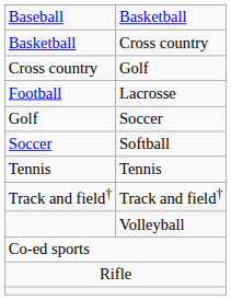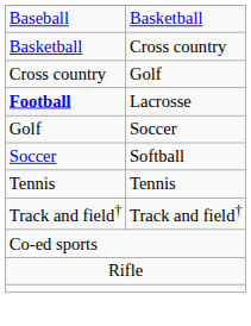 <table class="wikitable">
 <tr>
 </tr>
 <tr>
 <td><a href='#'>Baseball</a></td>
 <td><a href='#'>Basketball</a></td>
 </tr>
 <tr>
 <td><a href='#'>Basketball</a></td>
 <td>Cross country</td>
 </tr>
 <tr>
 <td>Cross country</td>
 <td>Golf</td>
 </tr>
 <tr>
-<td><a href='#'>Football</a></td>
+<td><strong><a href='#'>Football</a></strong></td>
 <td>Lacrosse</td>
 </tr>
 <tr>
 <td>Golf</td>
 <td>Soccer</td>
 </tr>
 <tr>
 <td><a href='#'>Soccer</a></td>
 <td>Softball</td>
 </tr>
 <tr>
 <td>Tennis</td>
 <td>Tennis</td>
 </tr>
 <tr>
 <td>Track and field<sup>†</sup></td>
 <td>Track and field<sup>†</sup></td>
 </tr>
 <tr>
-<td></td>
-<td>Volleyball</td>
-</tr>
-<tr>
 <td colspan="2">Co-ed sports</td>
 </tr>
 <tr>
 <td colspan="2" style="text-align:center">Rifle</td>
 </tr>
 <tr>
 <td colspan="2"></td>
 </tr>
 </table>
